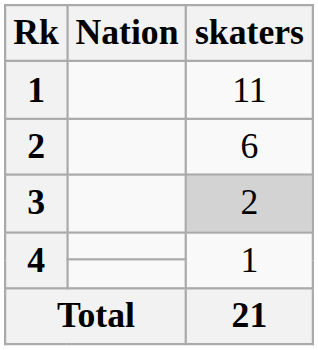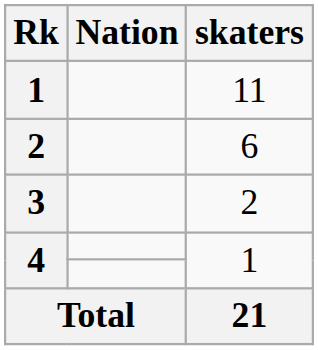 <table class="wikitable sortable" style="text-align: center;">
 <tr>
 <th>Rk</th>
 <th>Nation</th>
 <th>skaters</th>
 </tr>
 <tr>
 <th>1</th>
 <td></td>
 <td>11</td>
 </tr>
 <tr>
 <th>2</th>
 <td></td>
 <td>6</td>
 </tr>
 <tr>
 <th>3</th>
 <td></td>
-<td style="background: lightgrey;">2</td>
+<td>2</td>
 </tr>
 <tr>
 <th rowspan="2">4</th>
 <td></td>
 <td rowspan="2">1</td>
 </tr>
 <tr>
 <td></td>
 </tr>
 <tr class="sortbottom">
 <th colspan="2">Total</th>
 <th>21</th>
 </tr>
 </table>
